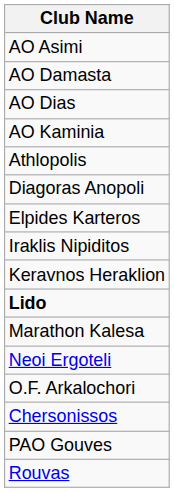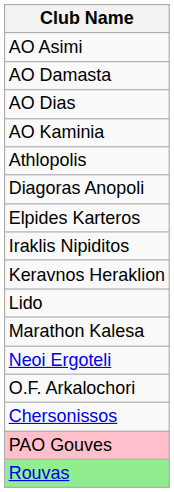 <table class="wikitable">
 <tr>
 <th>Club Name</th>
 </tr>
 <tr>
 <td>AO Asimi</td>
 </tr>
 <tr>
 <td>AO Damasta</td>
 </tr>
 <tr>
 <td>AO Dias</td>
 </tr>
 <tr>
 <td>AO Kaminia</td>
 </tr>
 <tr>
 <td>Athlopolis</td>
 </tr>
 <tr>
 <td>Diagoras Anopoli</td>
 </tr>
 <tr>
 <td>Elpides Karteros</td>
 </tr>
 <tr>
 <td>Iraklis Nipiditos</td>
 </tr>
 <tr>
 <td>Keravnos Heraklion</td>
 </tr>
 <tr>
-<td><strong>Lido</strong></td>
+<td>Lido</td>
 </tr>
 <tr>
 <td>Marathon Kalesa</td>
 </tr>
 <tr>
 <td><a href='#'>Neoi Ergoteli</a></td>
 </tr>
 <tr>
 <td>O.F. Arkalochori</td>
 </tr>
 <tr>
 <td><a href='#'>Chersonissos</a></td>
 </tr>
 <tr>
-<td>PAO Gouves</td>
+<td style="background: pink;">PAO Gouves</td>
 </tr>
 <tr>
-<td><a href='#'>Rouvas</a></td>
+<td style="background: lightgreen;"><a href='#'>Rouvas</a></td>
 </tr>
 </table>
